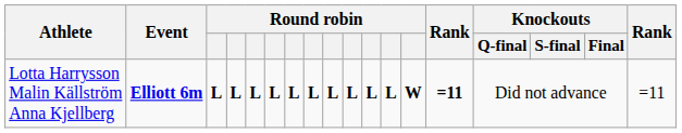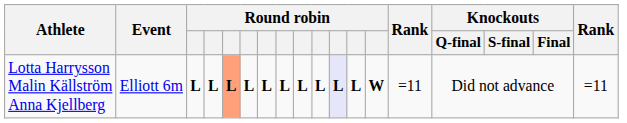 <table class="wikitable" style="font-size:90%">
 <tr>
 <th rowspan="2">Athlete</th>
 <th rowspan="2">Event</th>
 <th colspan="11">Round robin</th>
 <th rowspan="2">Rank</th>
 <th colspan="3">Knockouts</th>
 <th rowspan="2">Rank</th>
 </tr>
 <tr style="vertical-align:bottom; font-size:95%">
 <th></th>
 <th></th>
 <th></th>
 <th></th>
 <th></th>
 <th></th>
 <th></th>
 <th></th>
 <th></th>
 <th></th>
 <th></th>
 <th valign=middle>Q-final</th>
 <th valign=middle>S-final</th>
 <th valign=middle>Final</th>
 </tr>
 <tr align=center>
 <td align=left><a href='#'>Lotta Harrysson</a><br><a href='#'>Malin Källström</a><br><a href='#'>Anna Kjellberg</a></td>
-<td align=left><strong><a href='#'>Elliott 6m</a></strong></td>
+<td align=left><a href='#'>Elliott 6m</a></td>
+<td><strong>L</strong></td>
+<td><strong>L</strong></td>
+<td style="background: lightsalmon;"><strong>L</strong></td>
 <td><strong>L</strong></td>
 <td><strong>L</strong></td>
 <td><strong>L</strong></td>
 <td><strong>L</strong></td>
 <td><strong>L</strong></td>
-<td><strong>L</strong></td>
-<td><strong>L</strong></td>
-<td><strong>L</strong></td>
-<td><strong>L</strong></td>
+<td style="background: lavender;"><strong>L</strong></td>
 <td><strong>L</strong></td>
 <td><strong>W</strong></td>
-<td><strong>=11</strong></td>
+<td>=11</td>
 <td colspan=3>Did not advance</td>
 <td>=11</td>
 </tr>
 </table>
